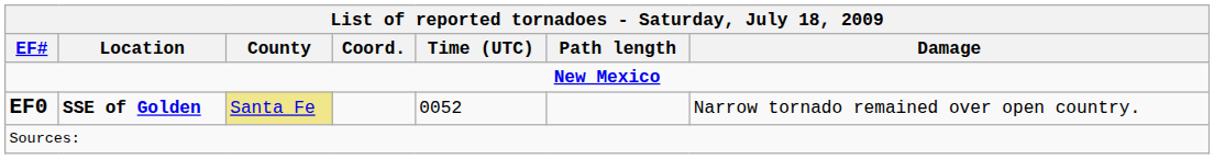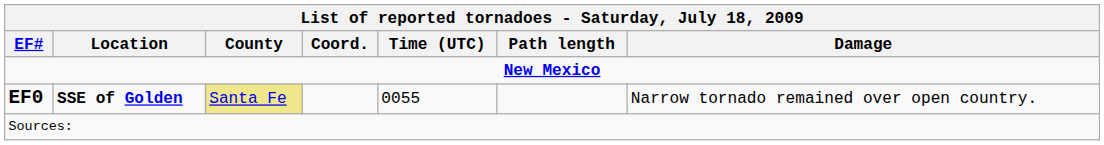 <table class="wikitable collapsible" style="width:100%;">
 <tr>
 <th colspan="7">List of reported tornadoes - Saturday, July 18, 2009</th>
 </tr>
 <tr>
 <th><a href='#'>EF#</a></th>
 <th>Location</th>
 <th>County</th>
 <th>Coord.</th>
 <th>Time (UTC)</th>
 <th>Path length</th>
 <th>Damage</th>
 </tr>
 <tr>
 <td colspan="7" style="text-align:center;"><strong><a href='#'>New Mexico</a></strong></td>
 </tr>
 <tr>
 <td><big><strong>EF0</strong></big></td>
 <td><strong>SSE of <a href='#'>Golden</a></strong></td>
 <td style="background: khaki;"><a href='#'>Santa Fe</a></td>
 <td></td>
-<td>0052</td>
+<td>0055</td>
 <td></td>
 <td>Narrow tornado remained over open country.</td>
 </tr>
 <tr>
 <td colspan="7"><small>Sources: </small></td>
 </tr>
 </table>
